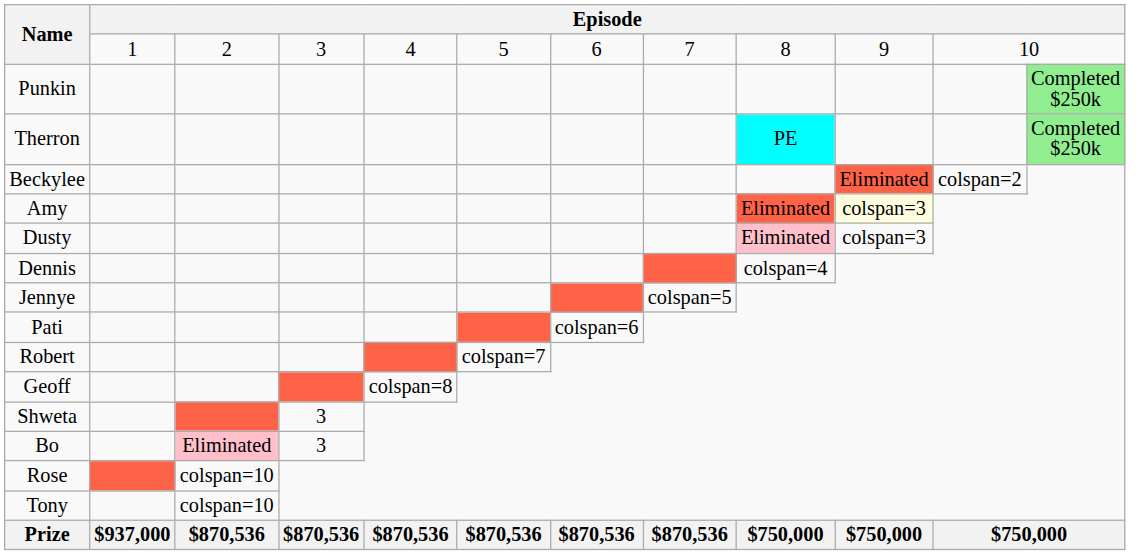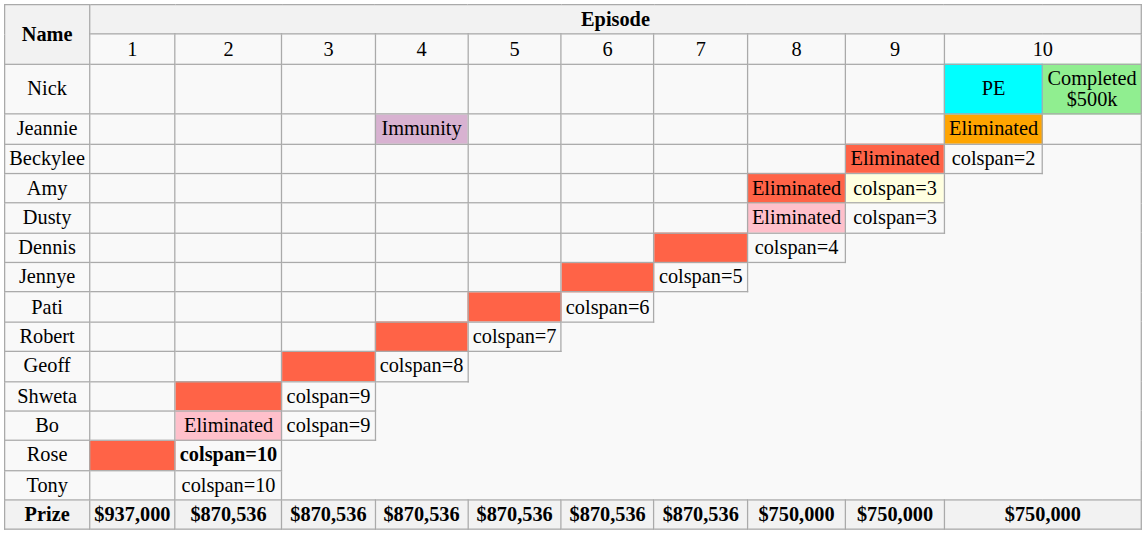 <table class="wikitable plainrowheaders" style="text-align: center; line-height:16px;">
 <tr>
 <th rowspan=2>Name</th>
 <th colspan=11>Episode</th>
 </tr>
 <tr>
 <td>1</td>
 <td>2</td>
 <td>3</td>
 <td>4</td>
 <td>5</td>
 <td>6</td>
 <td>7</td>
 <td>8</td>
 <td>9</td>
 <td colspan="2">10</td>
 </tr>
 <tr>
-<td>Punkin</td>
+<td>Nick</td>
 <td></td>
 <td></td>
 <td></td>
 <td></td>
 <td></td>
 <td></td>
 <td></td>
 <td></td>
 <td></td>
-<td></td>
-<td style="text-align:center; background:lightgreen">Completed<br>$250k</td>
+<td style="text-align:center; background:aqua">PE</td>
+<td style="text-align:center; background:lightgreen">Completed<br>$500k</td>
 </tr>
 <tr>
-<td>Therron</td>
+<td>Jeannie</td>
+<td></td>
+<td></td>
+<td></td>
+<td style="text-align:center; background:#D8B2D1">Immunity</td>
 <td></td>
 <td></td>
 <td></td>
 <td></td>
 <td></td>
+<td style="text-align:center; background:orange">Eliminated</td>
 <td></td>
-<td></td>
-<td style="text-align:center; background:aqua">PE</td>
-<td></td>
-<td></td>
-<td style="text-align:center; background:lightgreen">Completed<br>$250k</td>
 </tr>
 <tr>
 <td>Beckylee</td>
 <td></td>
 <td></td>
 <td></td>
 <td></td>
 <td></td>
 <td></td>
 <td></td>
 <td></td>
 <td style="text-align:center; background:tomato">Eliminated</td>
 <td>colspan=2 </td>
 </tr>
 <tr>
 <td>Amy</td>
 <td></td>
 <td></td>
 <td></td>
 <td></td>
 <td></td>
 <td></td>
 <td></td>
 <td style="text-align:center; background:tomato">Eliminated</td>
 <td style="background: lightyellow;">colspan=3 </td>
 </tr>
 <tr>
 <td>Dusty</td>
 <td></td>
 <td></td>
 <td></td>
 <td></td>
 <td></td>
 <td></td>
 <td></td>
 <td style="text-align:center; background:pink">Eliminated</td>
 <td>colspan=3 </td>
 </tr>
 <tr>
 <td>Dennis</td>
 <td></td>
 <td></td>
 <td></td>
 <td></td>
 <td></td>
 <td></td>
 <td style="text-align:center; background:tomato"></td>
 <td>colspan=4 </td>
 </tr>
 <tr>
 <td>Jennye</td>
 <td></td>
 <td></td>
 <td></td>
 <td></td>
 <td></td>
 <td style="text-align:center; background:tomato"></td>
 <td>colspan=5 </td>
 </tr>
 <tr>
 <td>Pati</td>
 <td></td>
 <td></td>
 <td></td>
 <td></td>
 <td style="text-align:center; background:tomato"></td>
 <td>colspan=6 </td>
 </tr>
 <tr>
 <td>Robert</td>
 <td></td>
 <td></td>
 <td></td>
 <td style="text-align:center; background:tomato"></td>
 <td>colspan=7 </td>
 </tr>
 <tr>
 <td>Geoff</td>
 <td></td>
 <td></td>
 <td style="text-align:center; background:tomato"></td>
 <td>colspan=8 </td>
 </tr>
 <tr>
 <td>Shweta</td>
 <td></td>
 <td style="text-align:center; background:tomato"></td>
-<td>3</td>
+<td>colspan=9 </td>
 </tr>
 <tr>
 <td>Bo</td>
 <td></td>
 <td style="text-align:center; background:pink">Eliminated</td>
-<td>3</td>
+<td>colspan=9 </td>
 </tr>
 <tr>
 <td>Rose</td>
 <td style="text-align:center; background:tomato"></td>
-<td>colspan=10 </td>
+<td><strong>colspan=10 </strong></td>
 </tr>
 <tr>
 <td>Tony</td>
 <td></td>
 <td>colspan=10 </td>
 </tr>
 <tr>
 <th>Prize</th>
 <th>$937,000</th>
 <th>$870,536</th>
 <th>$870,536</th>
 <th>$870,536</th>
 <th>$870,536</th>
 <th>$870,536</th>
 <th>$870,536</th>
 <th>$750,000</th>
 <th>$750,000</th>
 <th colspan=2>$750,000</th>
 </tr>
 </table>
